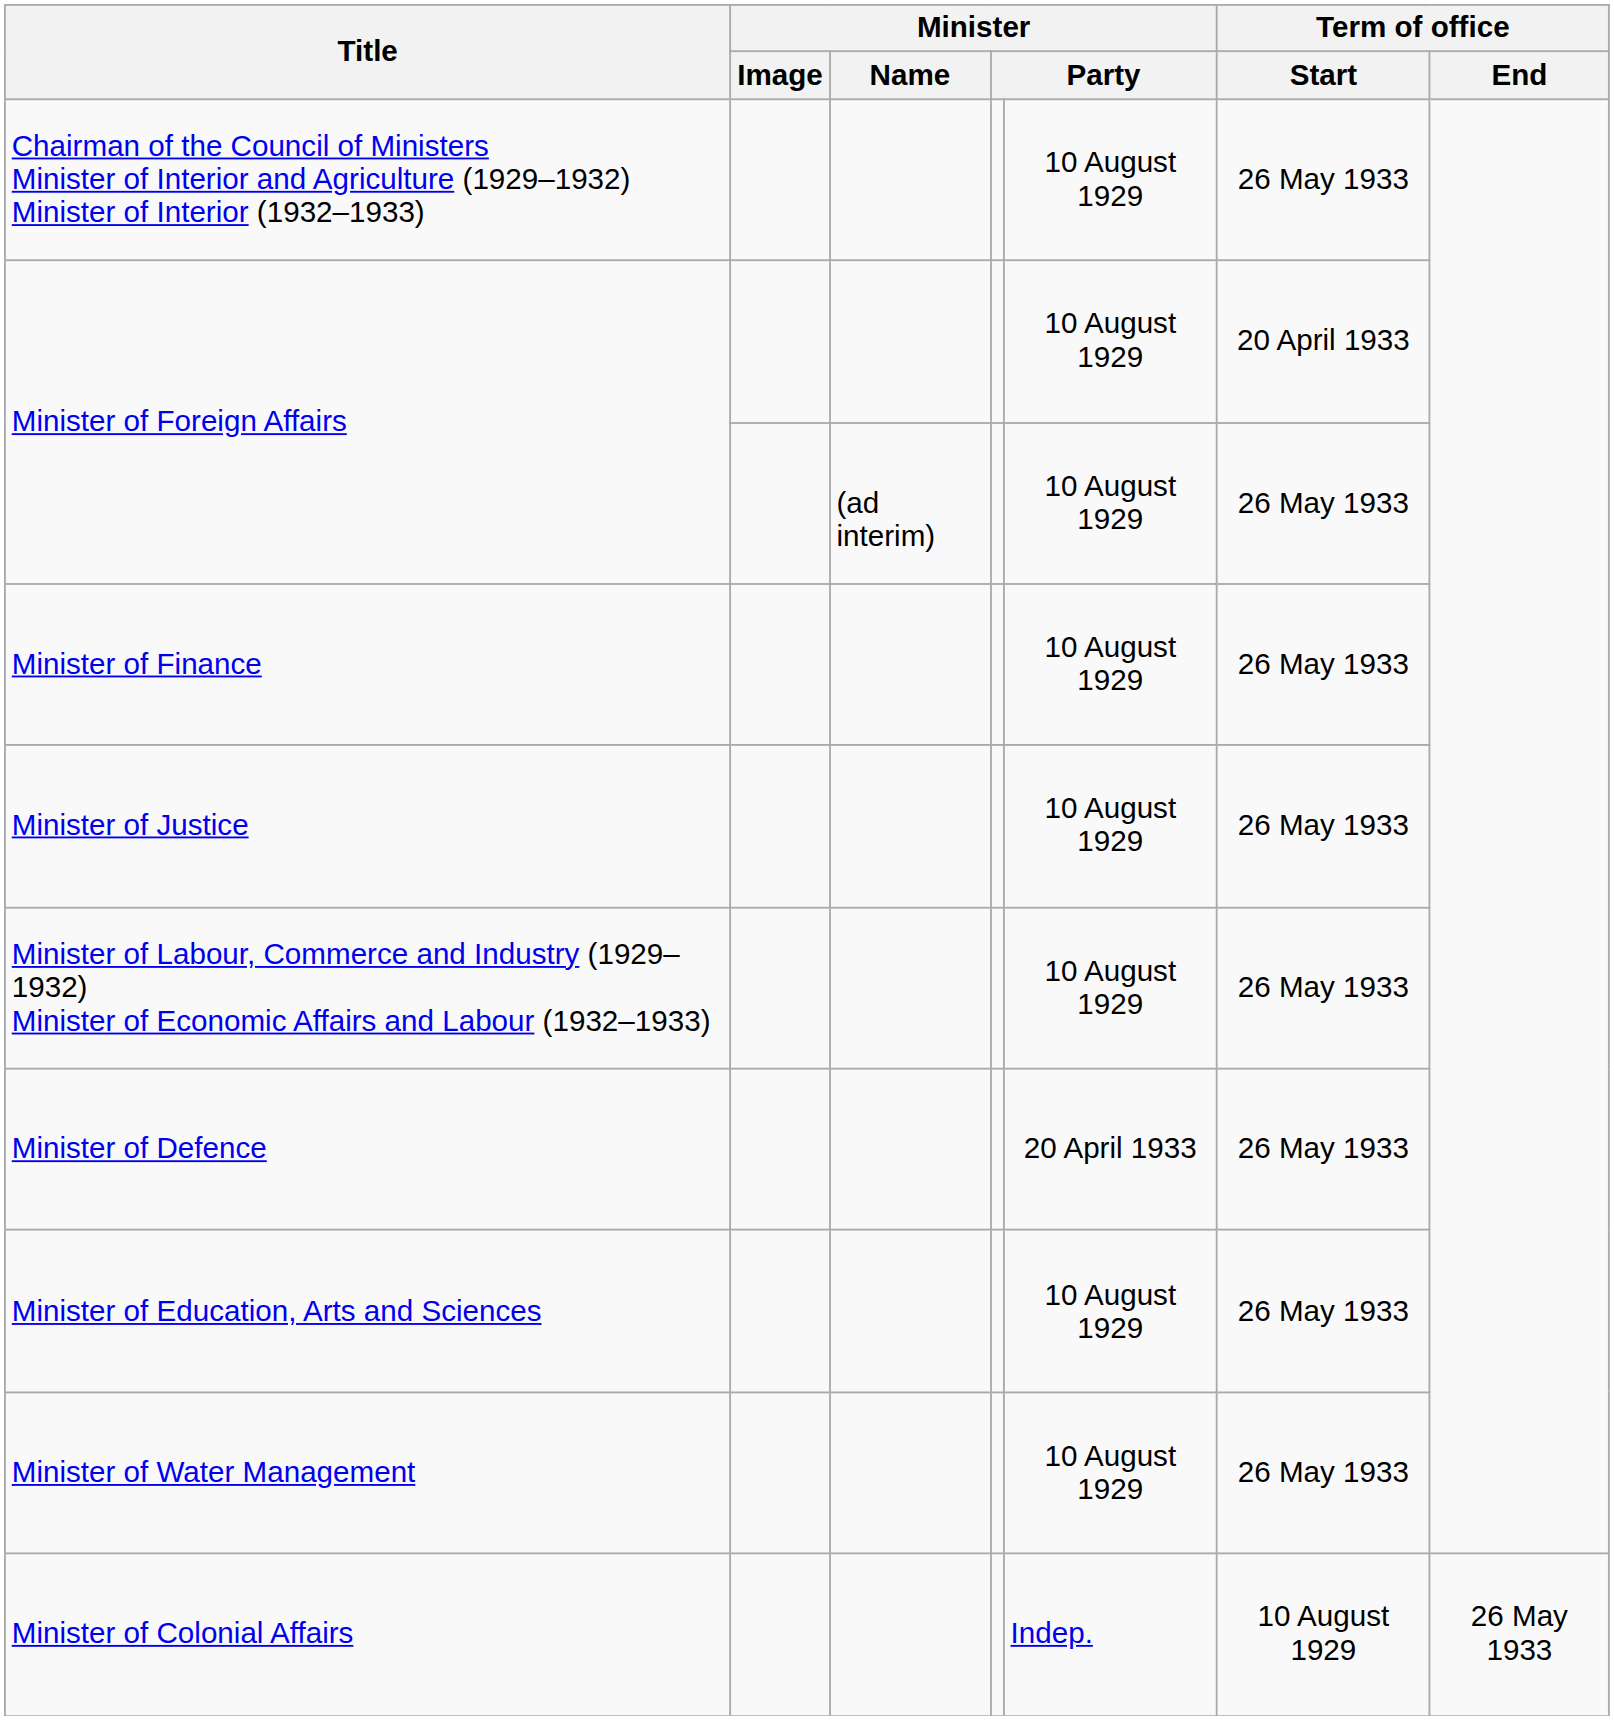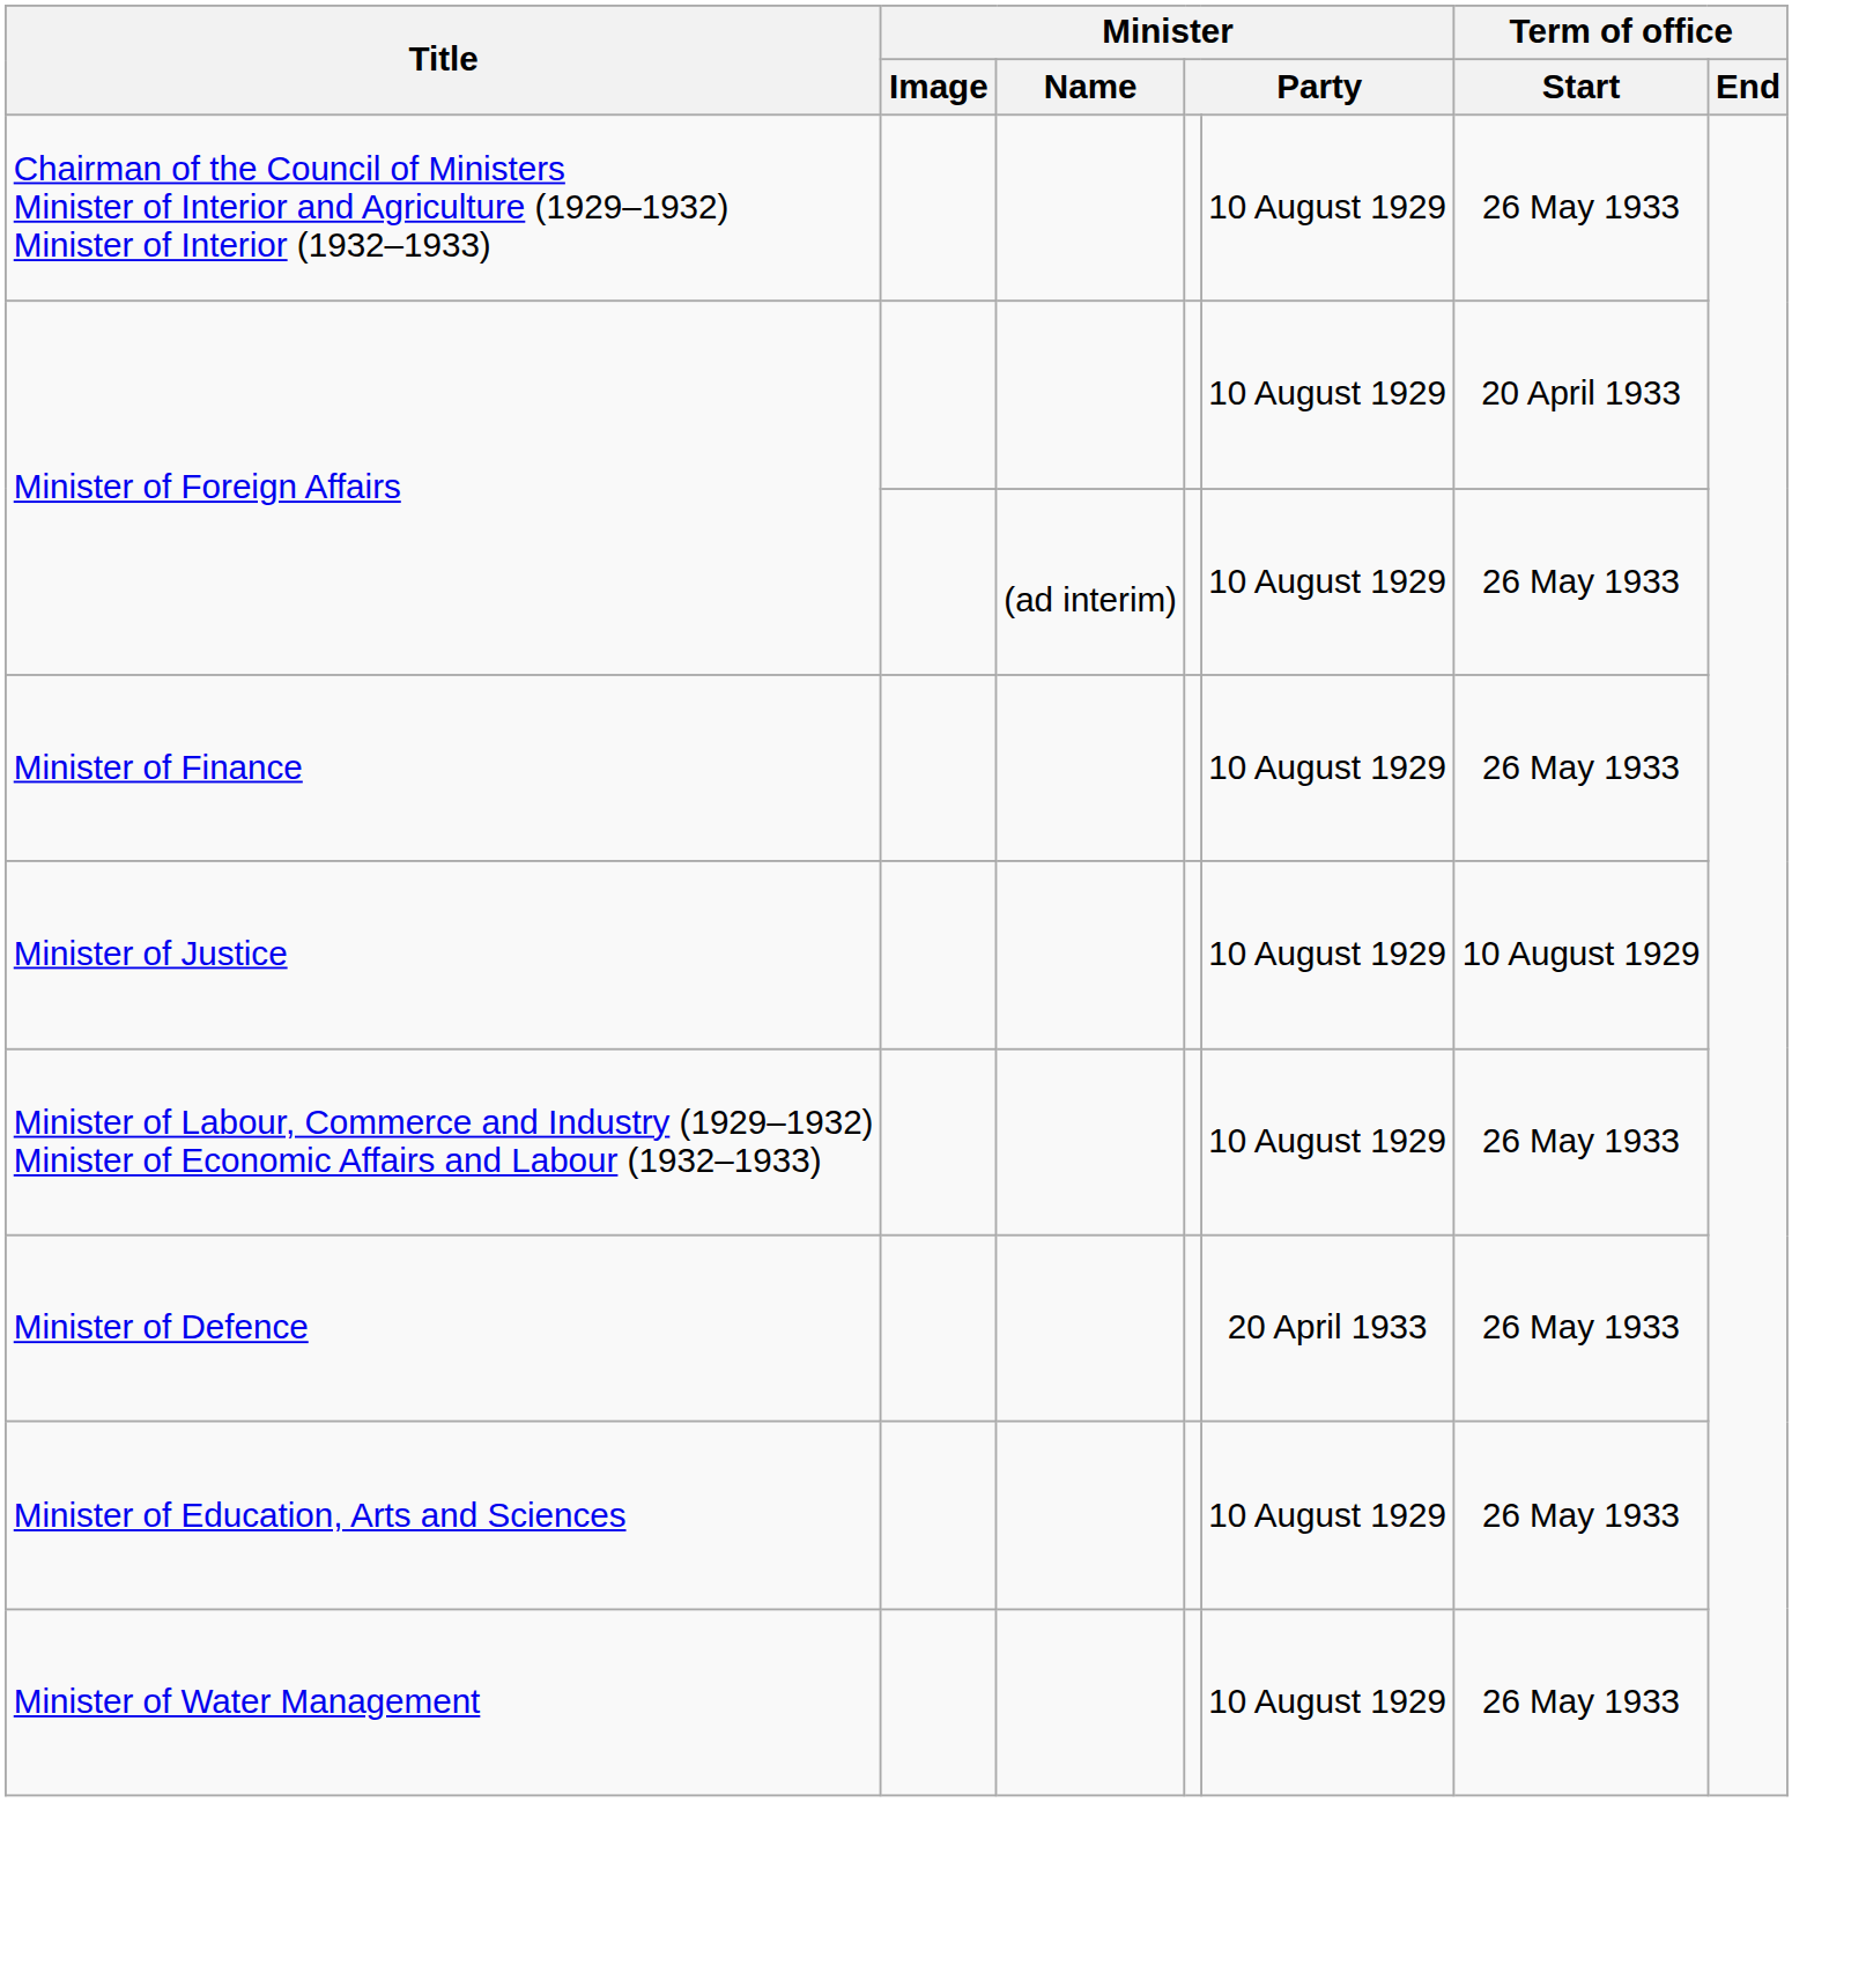 <table class="wikitable sortable" style="text-align:left">
 <tr>
 <th rowspan="2">Title</th>
 <th colspan="4">Minister</th>
 <th colspan="2">Term of office</th>
 </tr>
 <tr>
 <th class="unsortable">Image</th>
 <th>Name</th>
 <th colspan="2">Party</th>
 <th data-sort-type="date">Start</th>
 <th data-sort-type=date>End</th>
 </tr>
 <tr>
 <td><a href='#'>Chairman of the Council of Ministers</a> <br> <a href='#'>Minister of Interior and Agriculture</a> (1929–1932) <br> <a href='#'>Minister of Interior</a> (1932–1933)</td>
 <td height="80px"></td>
 <td></td>
 <td></td>
 <td style="text-align:center">10 August 1929</td>
 <td style="text-align:center">26 May 1933</td>
 </tr>
 <tr>
 <td rowspan=2><a href='#'>Minister of Foreign Affairs</a></td>
 <td height="80px"></td>
 <td></td>
 <td></td>
 <td style="text-align:center">10 August 1929</td>
 <td style="text-align:center">20 April 1933</td>
 </tr>
 <tr>
 <td height="80px"></td>
 <td> <br> (ad interim)</td>
 <td></td>
 <td style="text-align:center">10 August 1929</td>
 <td style="text-align:center">26 May 1933</td>
 </tr>
 <tr>
 <td height="80px"><a href='#'>Minister of Finance</a></td>
 <td height="80px"></td>
 <td></td>
 <td></td>
 <td style="text-align:center">10 August 1929</td>
 <td style="text-align:center">26 May 1933</td>
 </tr>
 <tr>
 <td height="80px"><a href='#'>Minister of Justice</a></td>
 <td></td>
 <td></td>
 <td></td>
 <td style="text-align:center">10 August 1929</td>
-<td style="text-align:center">26 May 1933</td>
+<td style="text-align:center">10 August 1929</td>
 </tr>
 <tr>
 <td><a href='#'>Minister of Labour, Commerce and Industry</a> (1929–1932) <br> <a href='#'>Minister of Economic Affairs and Labour</a> (1932–1933)</td>
 <td height="80px"></td>
 <td></td>
 <td></td>
 <td style="text-align:center">10 August 1929</td>
 <td style="text-align:center">26 May 1933</td>
 </tr>
 <tr>
 <td><a href='#'>Minister of Defence</a></td>
 <td height="80px"></td>
 <td></td>
 <td></td>
 <td style="text-align:center">20 April 1933</td>
 <td style="text-align:center">26 May 1933</td>
 </tr>
 <tr>
 <td><a href='#'>Minister of Education, Arts and Sciences</a></td>
 <td height="80px"></td>
 <td></td>
 <td></td>
 <td style="text-align:center">10 August 1929</td>
 <td style="text-align:center">26 May 1933</td>
 </tr>
 <tr>
 <td><a href='#'>Minister of Water Management</a></td>
 <td height="80px"></td>
 <td></td>
 <td></td>
 <td style="text-align:center">10 August 1929</td>
 <td style="text-align:center">26 May 1933</td>
 </tr>
-<tr>
-<td><a href='#'>Minister of Colonial Affairs</a></td>
-<td height="80px"></td>
-<td></td>
-<td style="background:"></td>
-<td><a href='#'>Indep.</a></td>
-<td style="text-align:center">10 August 1929</td>
-<td style="text-align:center">26 May 1933</td>
-</tr>
 </table>
